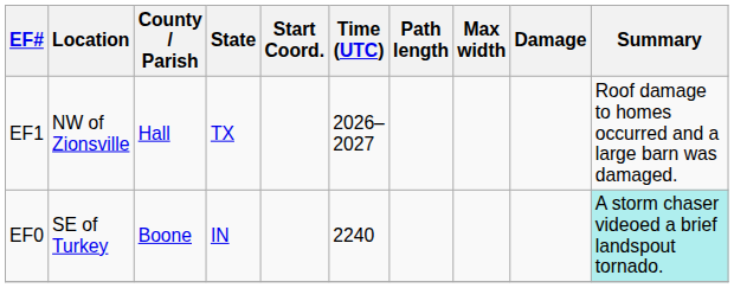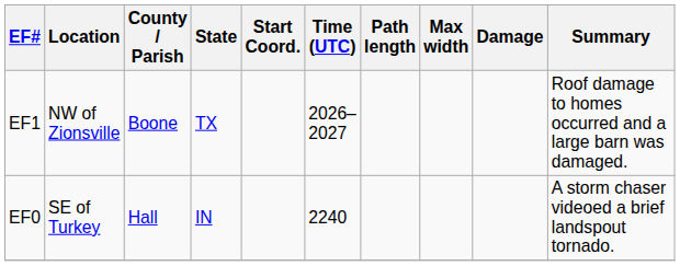 <table class="wikitable sortable" style="width:100%;">
 <tr>
 <th scope="col" width="3%" align="center"><a href='#'>EF#</a></th>
 <th scope="col" width="7%" align="center" class="unsortable">Location</th>
 <th scope="col" width="6%" align="center" class="unsortable">County / Parish</th>
 <th scope="col" width="5%" align="center">State</th>
 <th scope="col" width="6%" align="center">Start Coord.</th>
 <th scope="col" width="6%" align="center">Time (<a href='#'>UTC</a>)</th>
 <th scope="col" width="6%" align="center">Path length</th>
 <th scope="col" width="6%" align="center">Max width</th>
 <th scope="col" width="6%" align="center">Damage</th>
 <th scope="col" width="48%" class="unsortable" align="center">Summary</th>
 </tr>
 <tr>
 <td>EF1</td>
 <td>NW of <a href='#'>Zionsville</a></td>
-<td><a href='#'>Hall</a></td>
+<td><a href='#'>Boone</a></td>
 <td><a href='#'>TX</a></td>
 <td></td>
 <td>2026–2027</td>
 <td></td>
 <td></td>
 <td></td>
 <td>Roof damage to homes occurred and a large barn was damaged.</td>
 </tr>
 <tr>
 <td>EF0</td>
 <td>SE of <a href='#'>Turkey</a></td>
-<td><a href='#'>Boone</a></td>
+<td><a href='#'>Hall</a></td>
 <td><a href='#'>IN</a></td>
 <td></td>
 <td>2240</td>
 <td></td>
 <td></td>
 <td></td>
-<td style="background: paleturquoise;">A storm chaser videoed a brief landspout tornado.</td>
+<td>A storm chaser videoed a brief landspout tornado.</td>
 </tr>
 <tr>
 </tr>
 </table>
